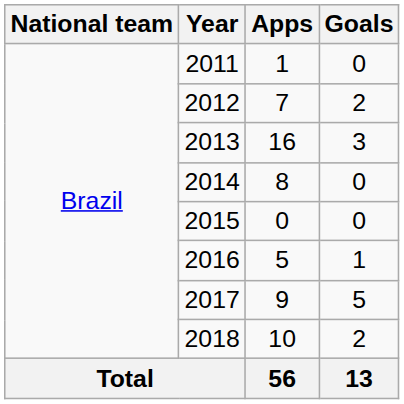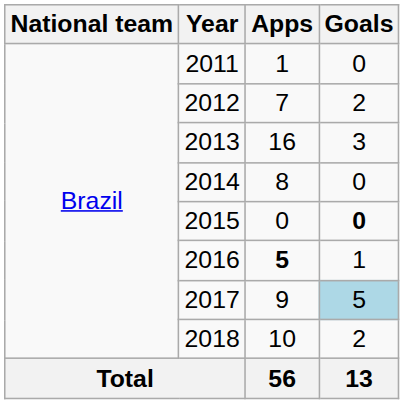 <table class="wikitable" style="text-align:center">
 <tr>
 <th>National team</th>
 <th>Year</th>
 <th>Apps</th>
 <th>Goals</th>
 </tr>
 <tr>
 <td rowspan="8"><a href='#'>Brazil</a></td>
 <td>2011</td>
 <td>1</td>
 <td>0</td>
 </tr>
 <tr>
 <td>2012</td>
 <td>7</td>
 <td>2</td>
 </tr>
 <tr>
 <td>2013</td>
 <td>16</td>
 <td>3</td>
 </tr>
 <tr>
 <td>2014</td>
 <td>8</td>
 <td>0</td>
 </tr>
 <tr>
 <td>2015</td>
 <td>0</td>
-<td>0</td>
+<td><strong>0</strong></td>
 </tr>
 <tr>
 <td>2016</td>
-<td>5</td>
+<td><strong>5</strong></td>
 <td>1</td>
 </tr>
 <tr>
 <td>2017</td>
 <td>9</td>
-<td>5</td>
+<td style="background: lightblue;">5</td>
 </tr>
 <tr>
 <td>2018</td>
 <td>10</td>
 <td>2</td>
 </tr>
 <tr>
 <th colspan="2">Total</th>
 <th>56</th>
 <th>13</th>
 </tr>
 </table>
